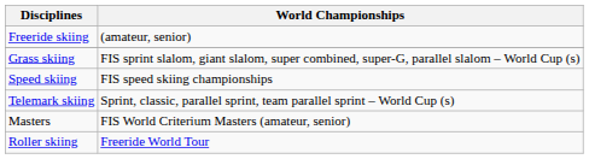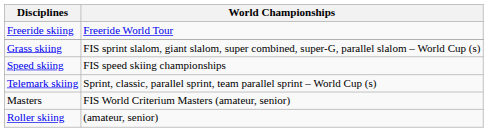 <table class="wikitable" style="display:inline-table;">
 <tr>
 <th>Disciplines</th>
 <th>World Championships</th>
 </tr>
 <tr>
 <td><a href='#'>Freeride skiing</a></td>
-<td>(amateur, senior)</td>
+<td><a href='#'>Freeride World Tour</a></td>
 </tr>
 <tr>
 </tr>
 <tr>
 <td><a href='#'>Grass skiing</a></td>
 <td>FIS sprint slalom, giant slalom, super combined, super-G, parallel slalom – World Cup (s)</td>
 </tr>
 <tr>
 <td><a href='#'>Speed skiing</a></td>
 <td>FIS speed skiing championships</td>
 </tr>
 <tr>
 <td><a href='#'>Telemark skiing</a></td>
 <td>Sprint, classic, parallel sprint, team parallel sprint – World Cup (s)</td>
 </tr>
 <tr>
 <td>Masters</td>
 <td>FIS World Criterium Masters (amateur, senior)</td>
 </tr>
 <tr>
 <td><a href='#'>Roller skiing</a></td>
-<td><a href='#'>Freeride World Tour</a></td>
+<td>(amateur, senior)</td>
 </tr>
 </table>
